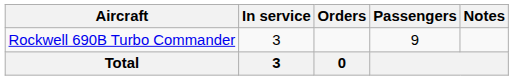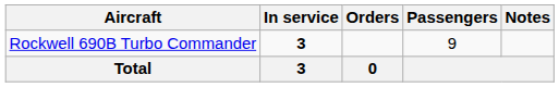 <table class="wikitable" style="margin:1em auto; text-align:center; margin:0.5em auto">
 <tr>
 <th>Aircraft</th>
 <th>In service</th>
 <th>Orders</th>
 <th>Passengers</th>
 <th>Notes</th>
 </tr>
 <tr>
 <td><a href='#'>Rockwell 690B Turbo Commander</a></td>
-<td>3</td>
+<td><strong>3</strong></td>
 <td></td>
 <td>9</td>
 <td></td>
 </tr>
 <tr>
 <th>Total</th>
 <th>3</th>
 <th>0</th>
 <th colspan=2></th>
 </tr>
 </table>
